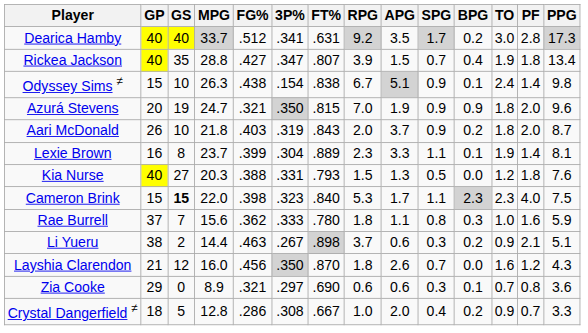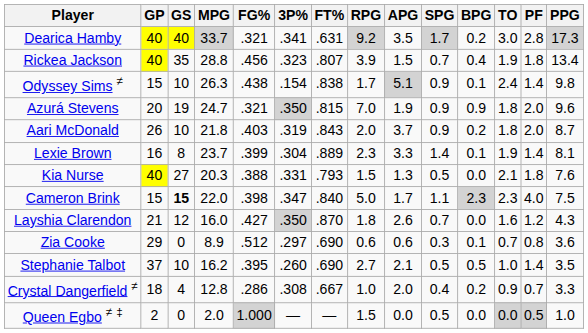 <table class="wikitable sortable" style="text-align:center;">
 <tr>
 <th>Player</th>
 <th>GP</th>
 <th>GS</th>
 <th>MPG</th>
 <th>FG%</th>
 <th>3P%</th>
 <th>FT%</th>
 <th>RPG</th>
 <th>APG</th>
 <th>SPG</th>
 <th>BPG</th>
 <th>TO</th>
 <th>PF</th>
 <th>PPG</th>
 </tr>
 <tr>
 <td><a href='#'>Dearica Hamby</a></td>
 <td style="background:yellow;">40</td>
 <td style="background:yellow;">40</td>
 <td style="background:#D3D3D3;">33.7</td>
-<td>.512</td>
+<td>.321</td>
 <td>.341</td>
 <td>.631</td>
 <td style="background:#D3D3D3;">9.2</td>
 <td>3.5</td>
 <td style="background:#D3D3D3;">1.7</td>
 <td>0.2</td>
 <td>3.0</td>
 <td>2.8</td>
 <td style="background:#D3D3D3;">17.3</td>
 </tr>
 <tr>
 <td><a href='#'>Rickea Jackson</a></td>
 <td style="background:yellow;">40</td>
 <td>35</td>
 <td>28.8</td>
-<td>.427</td>
-<td>.347</td>
+<td>.456</td>
+<td>.323</td>
 <td>.807</td>
 <td>3.9</td>
 <td>1.5</td>
 <td>0.7</td>
 <td>0.4</td>
 <td>1.9</td>
 <td>1.8</td>
 <td>13.4</td>
 </tr>
 <tr>
 <td><a href='#'>Odyssey Sims</a> <sup>≠</sup></td>
 <td>15</td>
 <td>10</td>
 <td>26.3</td>
 <td>.438</td>
 <td>.154</td>
 <td>.838</td>
-<td>6.7</td>
+<td>1.7</td>
 <td style="background:#D3D3D3;">5.1</td>
 <td>0.9</td>
 <td>0.1</td>
 <td>2.4</td>
 <td>1.4</td>
 <td>9.8</td>
 </tr>
 <tr>
 <td><a href='#'>Azurá Stevens</a></td>
 <td>20</td>
 <td>19</td>
 <td>24.7</td>
 <td>.321</td>
 <td style="background:#D3D3D3;">.350</td>
 <td>.815</td>
 <td>7.0</td>
 <td>1.9</td>
 <td>0.9</td>
 <td>0.9</td>
 <td>1.8</td>
 <td>2.0</td>
 <td>9.6</td>
 </tr>
 <tr>
 <td><a href='#'>Aari McDonald</a></td>
 <td>26</td>
 <td>10</td>
 <td>21.8</td>
 <td>.403</td>
 <td>.319</td>
 <td>.843</td>
 <td>2.0</td>
 <td>3.7</td>
 <td>0.9</td>
 <td>0.2</td>
 <td>1.8</td>
 <td>2.0</td>
 <td>8.7</td>
 </tr>
 <tr>
 <td><a href='#'>Lexie Brown</a></td>
 <td>16</td>
 <td>8</td>
 <td>23.7</td>
 <td>.399</td>
 <td>.304</td>
 <td>.889</td>
 <td>2.3</td>
 <td>3.3</td>
-<td>1.1</td>
+<td>1.4</td>
 <td>0.1</td>
 <td>1.9</td>
 <td>1.4</td>
 <td>8.1</td>
 </tr>
 <tr>
 <td><a href='#'>Kia Nurse</a></td>
 <td style="background:yellow;">40</td>
 <td>27</td>
 <td>20.3</td>
 <td>.388</td>
 <td>.331</td>
 <td>.793</td>
 <td>1.5</td>
 <td>1.3</td>
 <td>0.5</td>
 <td>0.0</td>
-<td>1.2</td>
+<td>2.1</td>
 <td>1.8</td>
 <td>7.6</td>
 </tr>
 <tr>
 <td><a href='#'>Cameron Brink</a></td>
 <td>15</td>
 <td><strong>15</strong></td>
 <td>22.0</td>
 <td>.398</td>
-<td>.323</td>
+<td>.347</td>
 <td>.840</td>
-<td>5.3</td>
+<td>5.0</td>
 <td>1.7</td>
 <td>1.1</td>
 <td style="background:#D3D3D3;">2.3</td>
 <td>2.3</td>
 <td>4.0</td>
 <td>7.5</td>
 </tr>
 <tr>
-<td><a href='#'>Rae Burrell</a></td>
-<td>37</td>
-<td>7</td>
-<td>15.6</td>
-<td>.362</td>
-<td>.333</td>
-<td>.780</td>
-<td>1.8</td>
-<td>1.1</td>
-<td>0.8</td>
-<td>0.3</td>
-<td>1.0</td>
-<td>1.6</td>
-<td>5.9</td>
-</tr>
-<tr>
-<td><a href='#'>Li Yueru</a></td>
-<td>38</td>
-<td>2</td>
-<td>14.4</td>
-<td>.463</td>
-<td>.267</td>
-<td style="background:#D3D3D3;">.898</td>
-<td>3.7</td>
-<td>0.6</td>
-<td>0.3</td>
-<td>0.2</td>
-<td>0.9</td>
-<td>2.1</td>
-<td>5.1</td>
-</tr>
-<tr>
 <td><a href='#'>Layshia Clarendon</a></td>
 <td>21</td>
 <td>12</td>
 <td>16.0</td>
-<td>.456</td>
+<td>.427</td>
 <td style="background:#D3D3D3;">.350</td>
 <td>.870</td>
 <td>1.8</td>
 <td>2.6</td>
 <td>0.7</td>
 <td>0.0</td>
 <td>1.6</td>
 <td>1.2</td>
 <td>4.3</td>
 </tr>
 <tr>
 <td><a href='#'>Zia Cooke</a></td>
 <td>29</td>
 <td>0</td>
 <td>8.9</td>
-<td>.321</td>
+<td>.512</td>
 <td>.297</td>
 <td>.690</td>
 <td>0.6</td>
 <td>0.6</td>
 <td>0.3</td>
 <td>0.1</td>
 <td>0.7</td>
 <td>0.8</td>
 <td>3.6</td>
 </tr>
 <tr>
+<td><a href='#'>Stephanie Talbot</a></td>
+<td>37</td>
+<td>10</td>
+<td>16.2</td>
+<td>.395</td>
+<td>.260</td>
+<td>.690</td>
+<td>2.7</td>
+<td>2.1</td>
+<td>0.5</td>
+<td>0.5</td>
+<td>1.0</td>
+<td>1.4</td>
+<td>3.5</td>
+</tr>
+<tr>
 <td><a href='#'>Crystal Dangerfield</a> <sup>≠</sup></td>
 <td>18</td>
-<td>5</td>
+<td>4</td>
 <td>12.8</td>
 <td>.286</td>
 <td>.308</td>
 <td>.667</td>
 <td>1.0</td>
 <td>2.0</td>
 <td>0.4</td>
 <td>0.2</td>
 <td>0.9</td>
 <td>0.7</td>
 <td>3.3</td>
 </tr>
+<tr>
+<td><a href='#'>Queen Egbo</a> <sup>≠</sup> <sup>‡</sup></td>
+<td>2</td>
+<td>0</td>
+<td>2.0</td>
+<td style="background:#D3D3D3;">1.000</td>
+<td>—</td>
+<td>—</td>
+<td>1.5</td>
+<td>0.0</td>
+<td>0.5</td>
+<td>0.0</td>
+<td style="background:#D3D3D3;">0.0</td>
+<td style="background:#D3D3D3;">0.5</td>
+<td>1.0</td>
+</tr>
 </table>
